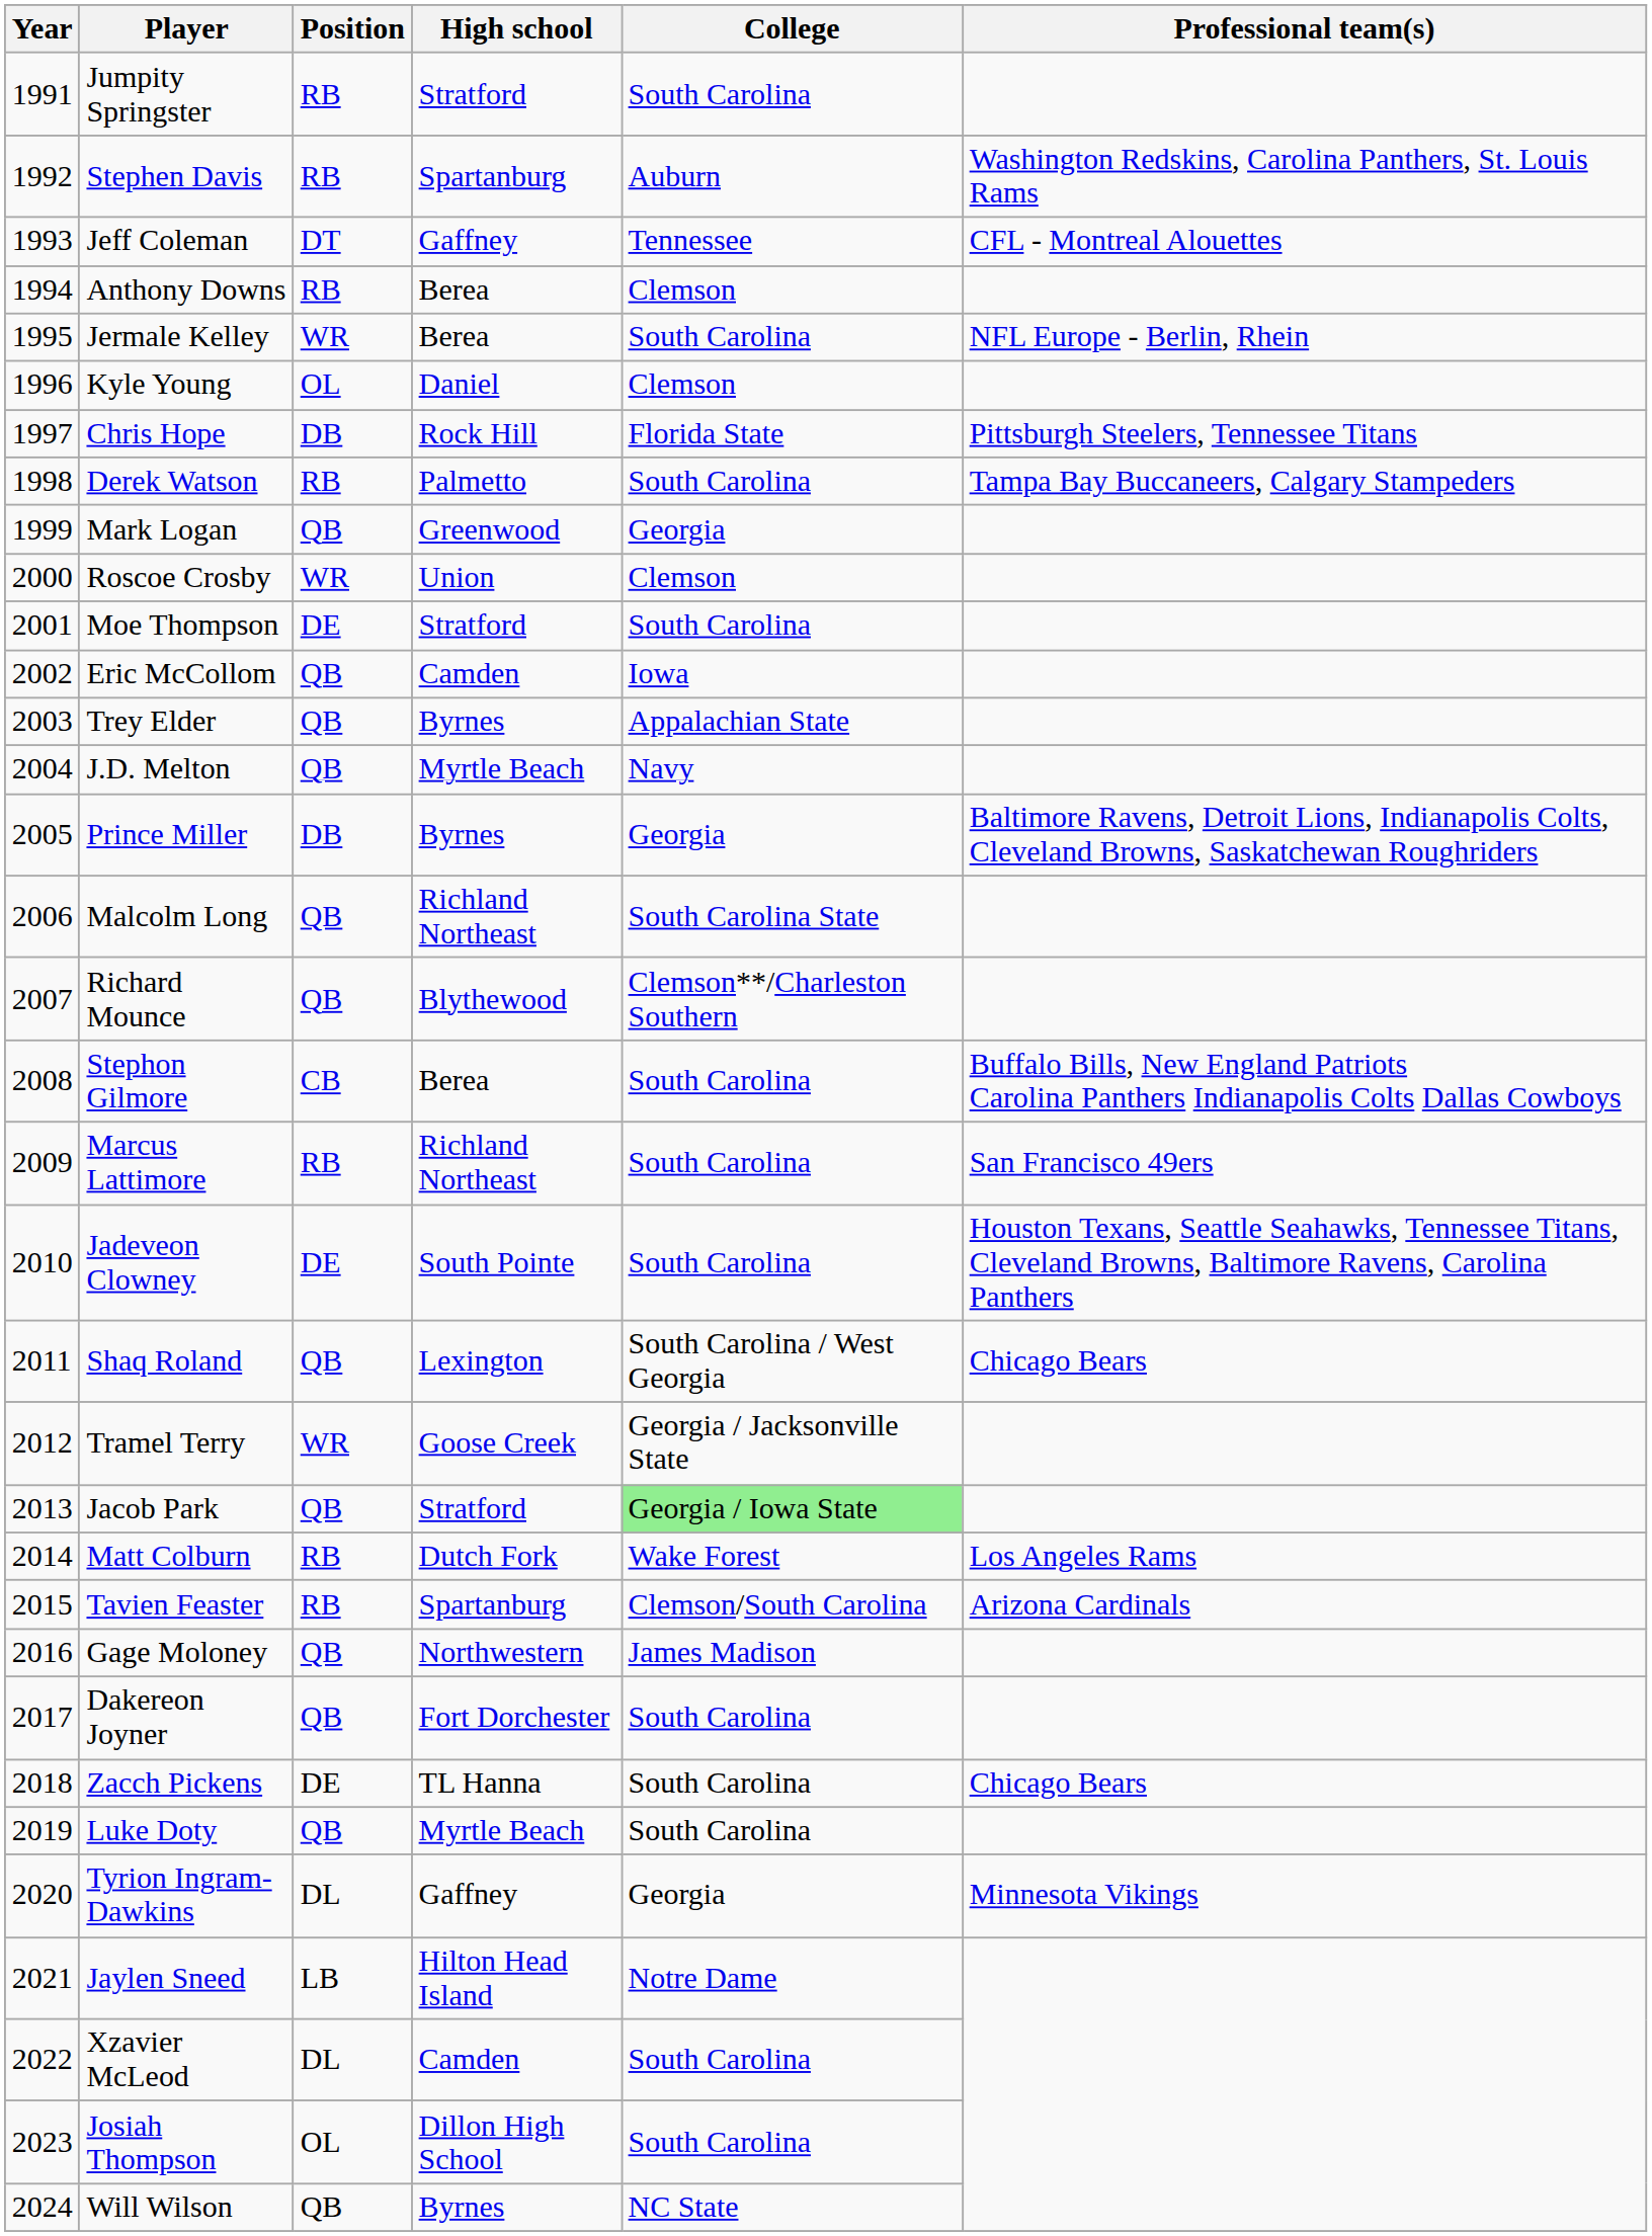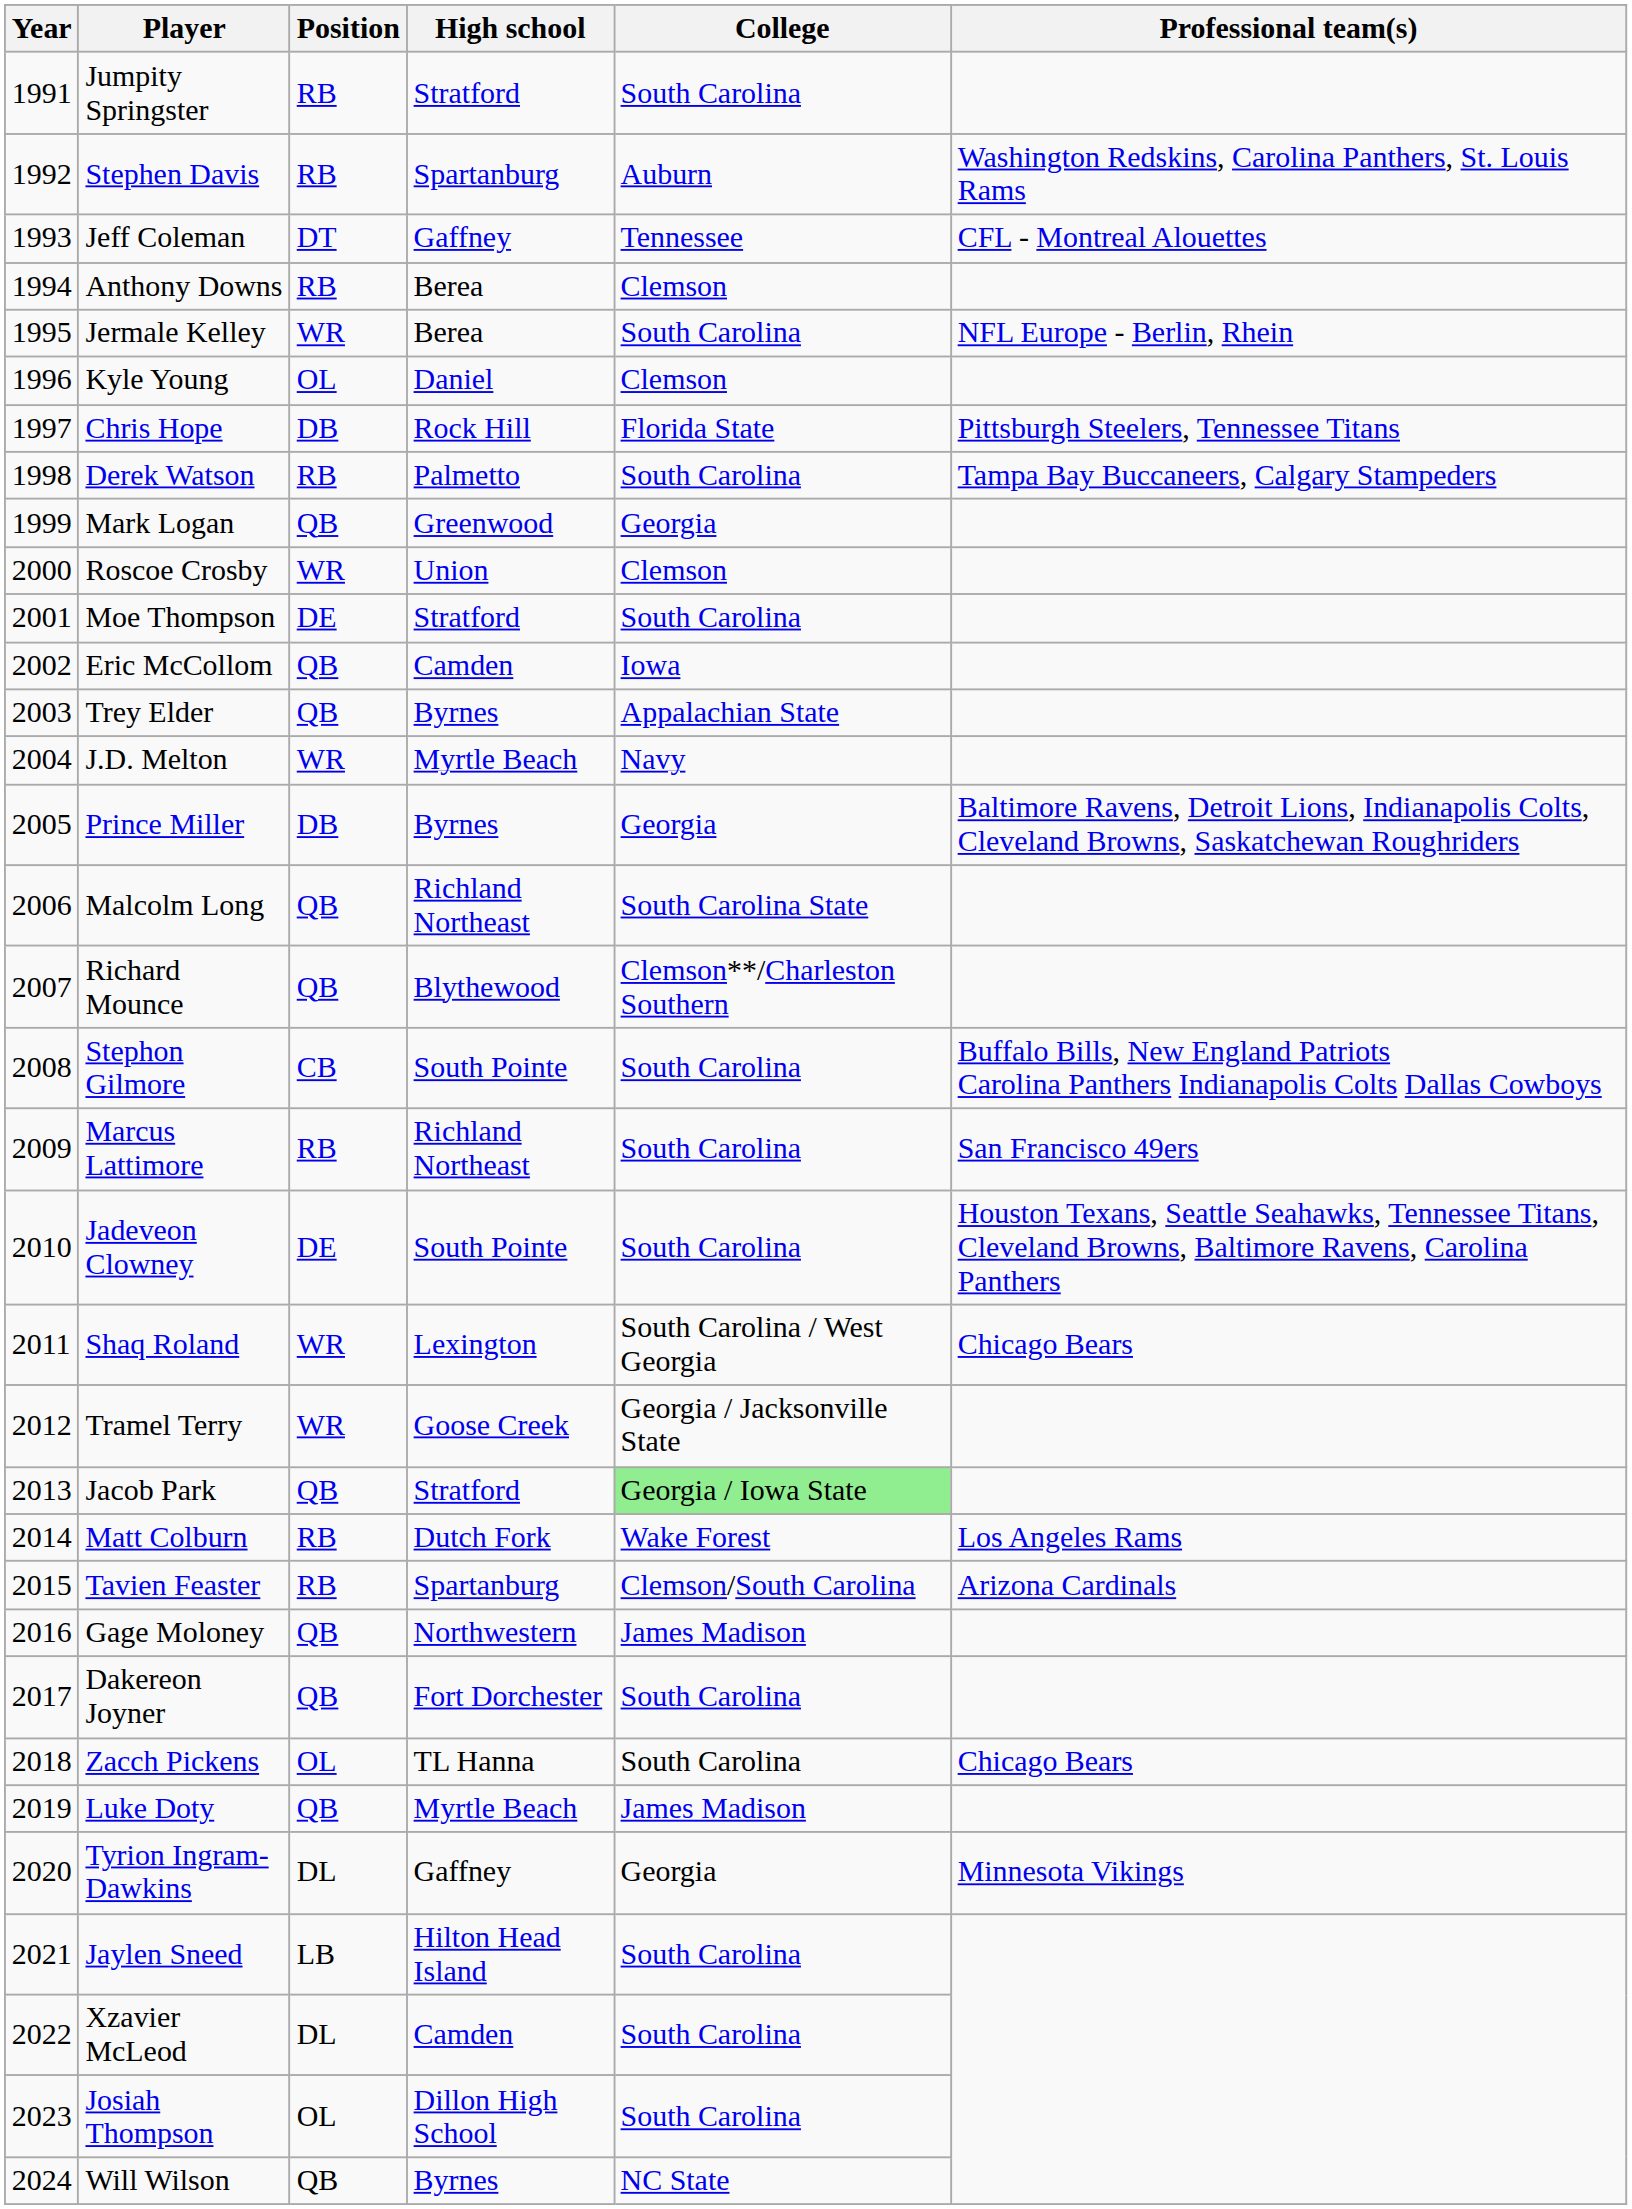 <table class="wikitable">
 <tr>
 <th>Year</th>
 <th>Player</th>
 <th>Position</th>
 <th>High school</th>
 <th>College</th>
 <th>Professional team(s)</th>
 </tr>
 <tr>
 <td>1991</td>
 <td>Jumpity Springster</td>
 <td><a href='#'>RB</a></td>
 <td><a href='#'>Stratford</a></td>
 <td><a href='#'>South Carolina</a></td>
 </tr>
 <tr>
 <td>1992</td>
 <td><a href='#'>Stephen Davis</a></td>
 <td><a href='#'>RB</a></td>
 <td><a href='#'>Spartanburg</a></td>
 <td><a href='#'>Auburn</a></td>
 <td><a href='#'>Washington Redskins</a>, <a href='#'>Carolina Panthers</a>, <a href='#'>St. Louis Rams</a></td>
 </tr>
 <tr>
 <td>1993</td>
 <td>Jeff Coleman</td>
 <td><a href='#'>DT</a></td>
 <td><a href='#'>Gaffney</a></td>
 <td><a href='#'>Tennessee</a></td>
 <td><a href='#'>CFL</a> - <a href='#'>Montreal Alouettes</a></td>
 </tr>
 <tr>
 <td>1994</td>
 <td>Anthony Downs</td>
 <td><a href='#'>RB</a></td>
 <td>Berea</td>
 <td><a href='#'>Clemson</a></td>
 <td></td>
 </tr>
 <tr>
 <td>1995</td>
 <td>Jermale Kelley</td>
 <td><a href='#'>WR</a></td>
 <td>Berea</td>
 <td><a href='#'>South Carolina</a></td>
 <td><a href='#'>NFL Europe</a> - <a href='#'>Berlin</a>, <a href='#'>Rhein</a></td>
 </tr>
 <tr>
 <td>1996</td>
 <td>Kyle Young</td>
 <td><a href='#'>OL</a></td>
 <td><a href='#'>Daniel</a></td>
 <td><a href='#'>Clemson</a></td>
 <td></td>
 </tr>
 <tr>
 <td>1997</td>
 <td><a href='#'>Chris Hope</a></td>
 <td><a href='#'>DB</a></td>
 <td><a href='#'>Rock Hill</a></td>
 <td><a href='#'>Florida State</a></td>
 <td><a href='#'>Pittsburgh Steelers</a>, <a href='#'>Tennessee Titans</a></td>
 </tr>
 <tr>
 <td>1998</td>
 <td><a href='#'>Derek Watson</a></td>
 <td><a href='#'>RB</a></td>
 <td><a href='#'>Palmetto</a></td>
 <td><a href='#'>South Carolina</a></td>
 <td><a href='#'>Tampa Bay Buccaneers</a>, <a href='#'>Calgary Stampeders</a></td>
 </tr>
 <tr>
 <td>1999</td>
 <td>Mark Logan</td>
 <td><a href='#'>QB</a></td>
 <td><a href='#'>Greenwood</a></td>
 <td><a href='#'>Georgia</a></td>
 <td></td>
 </tr>
 <tr>
 <td>2000</td>
 <td>Roscoe Crosby</td>
 <td><a href='#'>WR</a></td>
 <td><a href='#'>Union</a></td>
 <td><a href='#'>Clemson</a></td>
 <td></td>
 </tr>
 <tr>
 <td>2001</td>
 <td>Moe Thompson</td>
 <td><a href='#'>DE</a></td>
 <td><a href='#'>Stratford</a></td>
 <td><a href='#'>South Carolina</a></td>
 <td></td>
 </tr>
 <tr>
 <td>2002</td>
 <td>Eric McCollom</td>
 <td><a href='#'>QB</a></td>
 <td><a href='#'>Camden</a></td>
 <td><a href='#'>Iowa</a></td>
 <td></td>
 </tr>
 <tr>
 <td>2003</td>
 <td>Trey Elder</td>
 <td><a href='#'>QB</a></td>
 <td><a href='#'>Byrnes</a></td>
 <td><a href='#'>Appalachian State</a></td>
 <td></td>
 </tr>
 <tr>
 <td>2004</td>
 <td>J.D. Melton</td>
-<td><a href='#'>QB</a></td>
+<td><a href='#'>WR</a></td>
 <td><a href='#'>Myrtle Beach</a></td>
 <td><a href='#'>Navy</a></td>
 <td></td>
 </tr>
 <tr>
 <td>2005</td>
 <td><a href='#'>Prince Miller</a></td>
 <td><a href='#'>DB</a></td>
 <td><a href='#'>Byrnes</a></td>
 <td><a href='#'>Georgia</a></td>
 <td><a href='#'>Baltimore Ravens</a>, <a href='#'>Detroit Lions</a>, <a href='#'>Indianapolis Colts</a>, <a href='#'>Cleveland Browns</a>, <a href='#'>Saskatchewan Roughriders</a></td>
 </tr>
 <tr>
 <td>2006</td>
 <td>Malcolm Long</td>
 <td><a href='#'>QB</a></td>
 <td><a href='#'>Richland Northeast</a></td>
 <td><a href='#'>South Carolina State</a></td>
 <td></td>
 </tr>
 <tr>
 <td>2007</td>
 <td>Richard Mounce</td>
 <td><a href='#'>QB</a></td>
 <td><a href='#'>Blythewood</a></td>
 <td><a href='#'>Clemson</a>**/<a href='#'>Charleston Southern</a></td>
 <td></td>
 </tr>
 <tr>
 <td>2008</td>
 <td><a href='#'>Stephon Gilmore</a></td>
 <td><a href='#'>CB</a></td>
-<td>Berea</td>
+<td><a href='#'>South Pointe</a></td>
 <td><a href='#'>South Carolina</a></td>
 <td><a href='#'>Buffalo Bills</a>, <a href='#'>New England Patriots</a><br><a href='#'>Carolina Panthers</a> <a href='#'>Indianapolis Colts</a> <a href='#'>Dallas Cowboys</a></td>
 </tr>
 <tr>
 <td>2009</td>
 <td><a href='#'>Marcus Lattimore</a></td>
 <td><a href='#'>RB</a></td>
 <td><a href='#'>Richland Northeast</a></td>
 <td><a href='#'>South Carolina</a></td>
 <td><a href='#'>San Francisco 49ers</a></td>
 </tr>
 <tr>
 <td>2010</td>
 <td><a href='#'>Jadeveon Clowney</a></td>
 <td><a href='#'>DE</a></td>
 <td><a href='#'>South Pointe</a></td>
 <td><a href='#'>South Carolina</a></td>
 <td><a href='#'>Houston Texans</a>, <a href='#'>Seattle Seahawks</a>, <a href='#'>Tennessee Titans</a>, <a href='#'>Cleveland Browns</a>, <a href='#'>Baltimore Ravens</a>, <a href='#'>Carolina Panthers</a></td>
 </tr>
 <tr>
 <td>2011</td>
 <td><a href='#'>Shaq Roland</a></td>
-<td><a href='#'>QB</a></td>
+<td><a href='#'>WR</a></td>
 <td><a href='#'>Lexington</a></td>
 <td>South Carolina / West Georgia</td>
 <td><a href='#'>Chicago Bears</a></td>
 </tr>
 <tr>
 <td>2012 </td>
 <td>Tramel Terry</td>
 <td><a href='#'>WR</a></td>
 <td><a href='#'>Goose Creek</a></td>
 <td>Georgia / Jacksonville State</td>
 <td></td>
 </tr>
 <tr>
 <td>2013</td>
 <td>Jacob Park</td>
 <td><a href='#'>QB</a></td>
 <td><a href='#'>Stratford</a></td>
 <td style="background: lightgreen;">Georgia / Iowa State</td>
 <td></td>
 </tr>
 <tr>
 <td>2014</td>
 <td><a href='#'>Matt Colburn</a></td>
 <td><a href='#'>RB</a></td>
 <td><a href='#'>Dutch Fork</a></td>
 <td><a href='#'>Wake Forest</a></td>
 <td><a href='#'>Los Angeles Rams</a></td>
 </tr>
 <tr>
 <td>2015</td>
 <td><a href='#'>Tavien Feaster</a></td>
 <td><a href='#'>RB</a></td>
 <td><a href='#'>Spartanburg</a></td>
 <td><a href='#'>Clemson</a>/<a href='#'>South Carolina</a></td>
 <td><a href='#'>Arizona Cardinals</a></td>
 </tr>
 <tr>
 <td>2016</td>
 <td>Gage Moloney</td>
 <td><a href='#'>QB</a></td>
 <td><a href='#'>Northwestern</a></td>
 <td><a href='#'>James Madison</a></td>
 <td></td>
 </tr>
 <tr>
 <td>2017</td>
 <td>Dakereon Joyner</td>
 <td><a href='#'>QB</a></td>
 <td><a href='#'>Fort Dorchester</a></td>
 <td><a href='#'>South Carolina</a></td>
 </tr>
 <tr>
 <td>2018</td>
 <td><a href='#'>Zacch Pickens</a></td>
-<td>DE</td>
+<td><a href='#'>OL</a></td>
 <td>TL Hanna</td>
 <td>South Carolina</td>
 <td><a href='#'>Chicago Bears</a></td>
 </tr>
 <tr>
 <td>2019</td>
 <td><a href='#'>Luke Doty</a></td>
 <td><a href='#'>QB</a></td>
 <td><a href='#'>Myrtle Beach</a></td>
-<td>South Carolina</td>
+<td><a href='#'>James Madison</a></td>
 <td></td>
 </tr>
 <tr>
 <td>2020</td>
 <td><a href='#'>Tyrion Ingram-Dawkins</a></td>
 <td>DL</td>
 <td>Gaffney</td>
 <td>Georgia</td>
 <td><a href='#'>Minnesota Vikings</a></td>
 </tr>
 <tr>
 <td>2021</td>
 <td><a href='#'>Jaylen Sneed</a></td>
 <td>LB</td>
 <td><a href='#'>Hilton Head Island</a></td>
-<td><a href='#'>Notre Dame</a></td>
+<td><a href='#'>South Carolina</a></td>
 </tr>
 <tr>
 <td>2022</td>
 <td>Xzavier McLeod</td>
 <td>DL</td>
 <td><a href='#'>Camden</a></td>
 <td><a href='#'>South Carolina</a></td>
 </tr>
 <tr>
 <td>2023</td>
 <td><a href='#'>Josiah Thompson</a></td>
 <td>OL</td>
 <td><a href='#'>Dillon High School</a></td>
 <td><a href='#'>South Carolina</a></td>
 </tr>
 <tr>
 <td>2024</td>
 <td>Will Wilson</td>
 <td>QB</td>
 <td><a href='#'>Byrnes</a></td>
 <td><a href='#'>NC State</a></td>
 </tr>
 </table>
